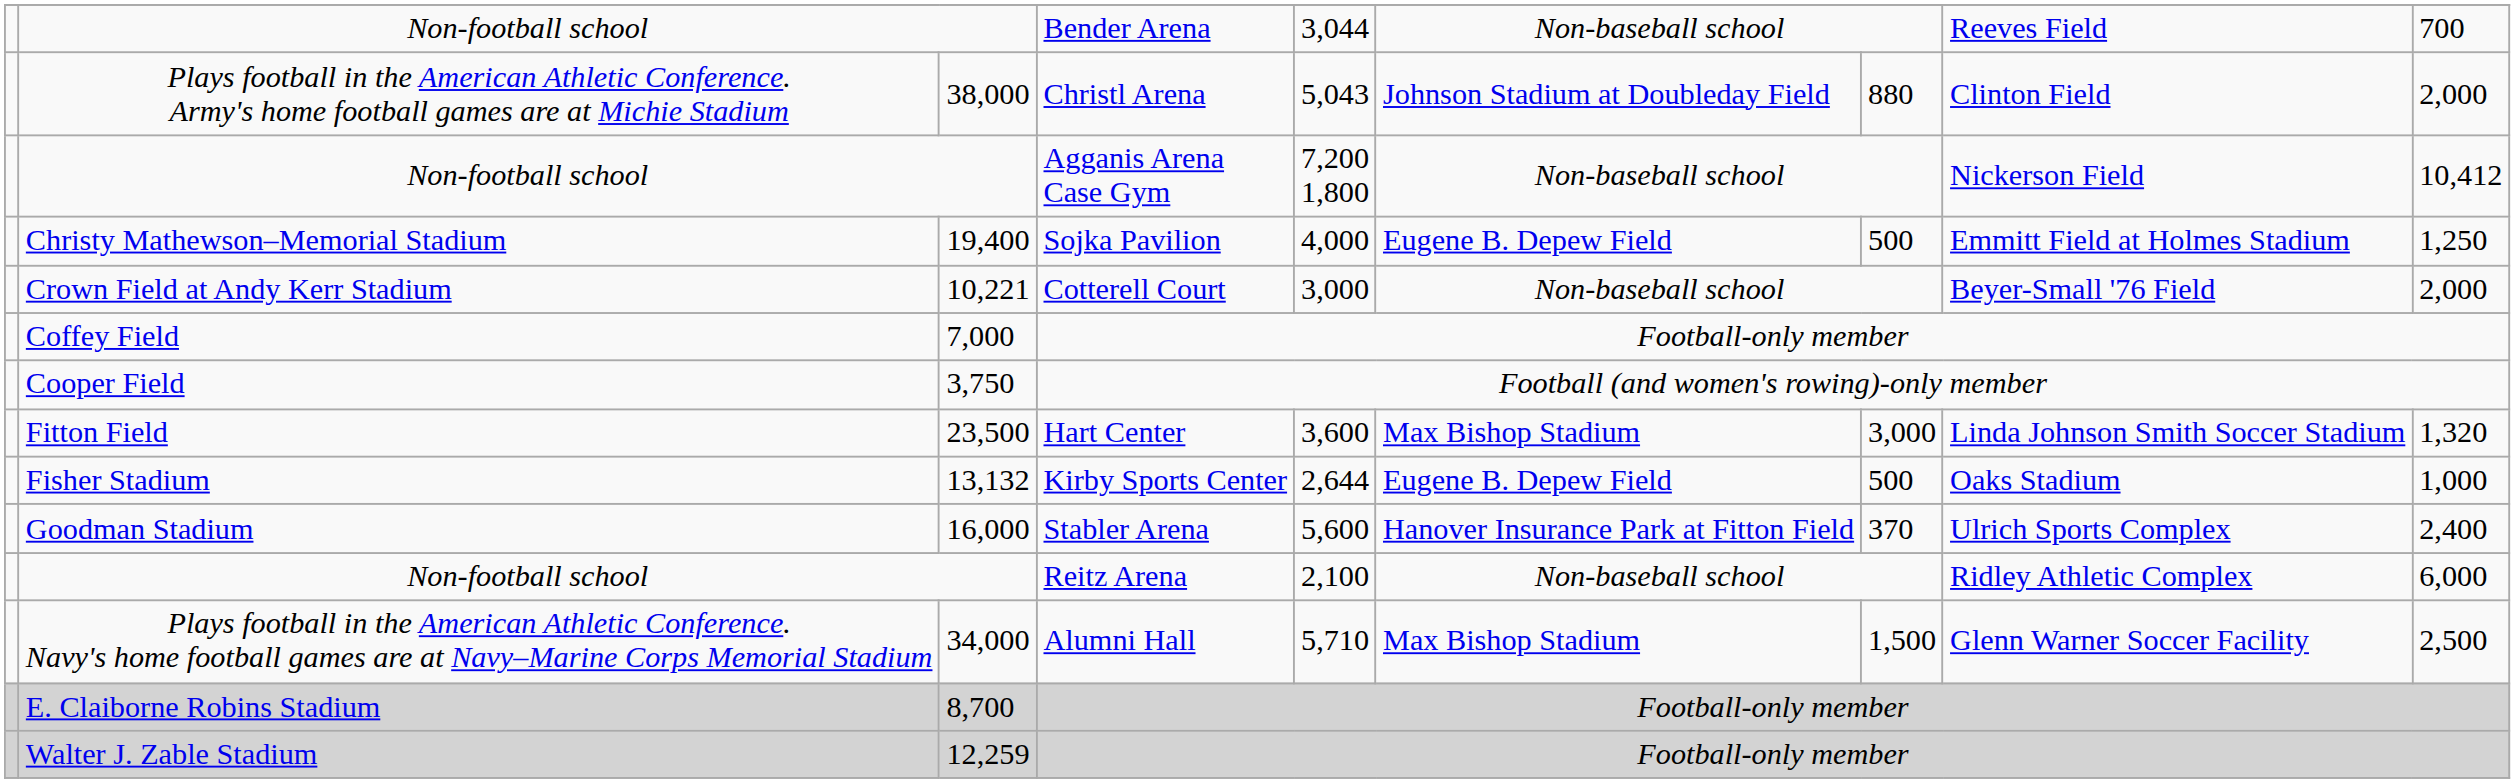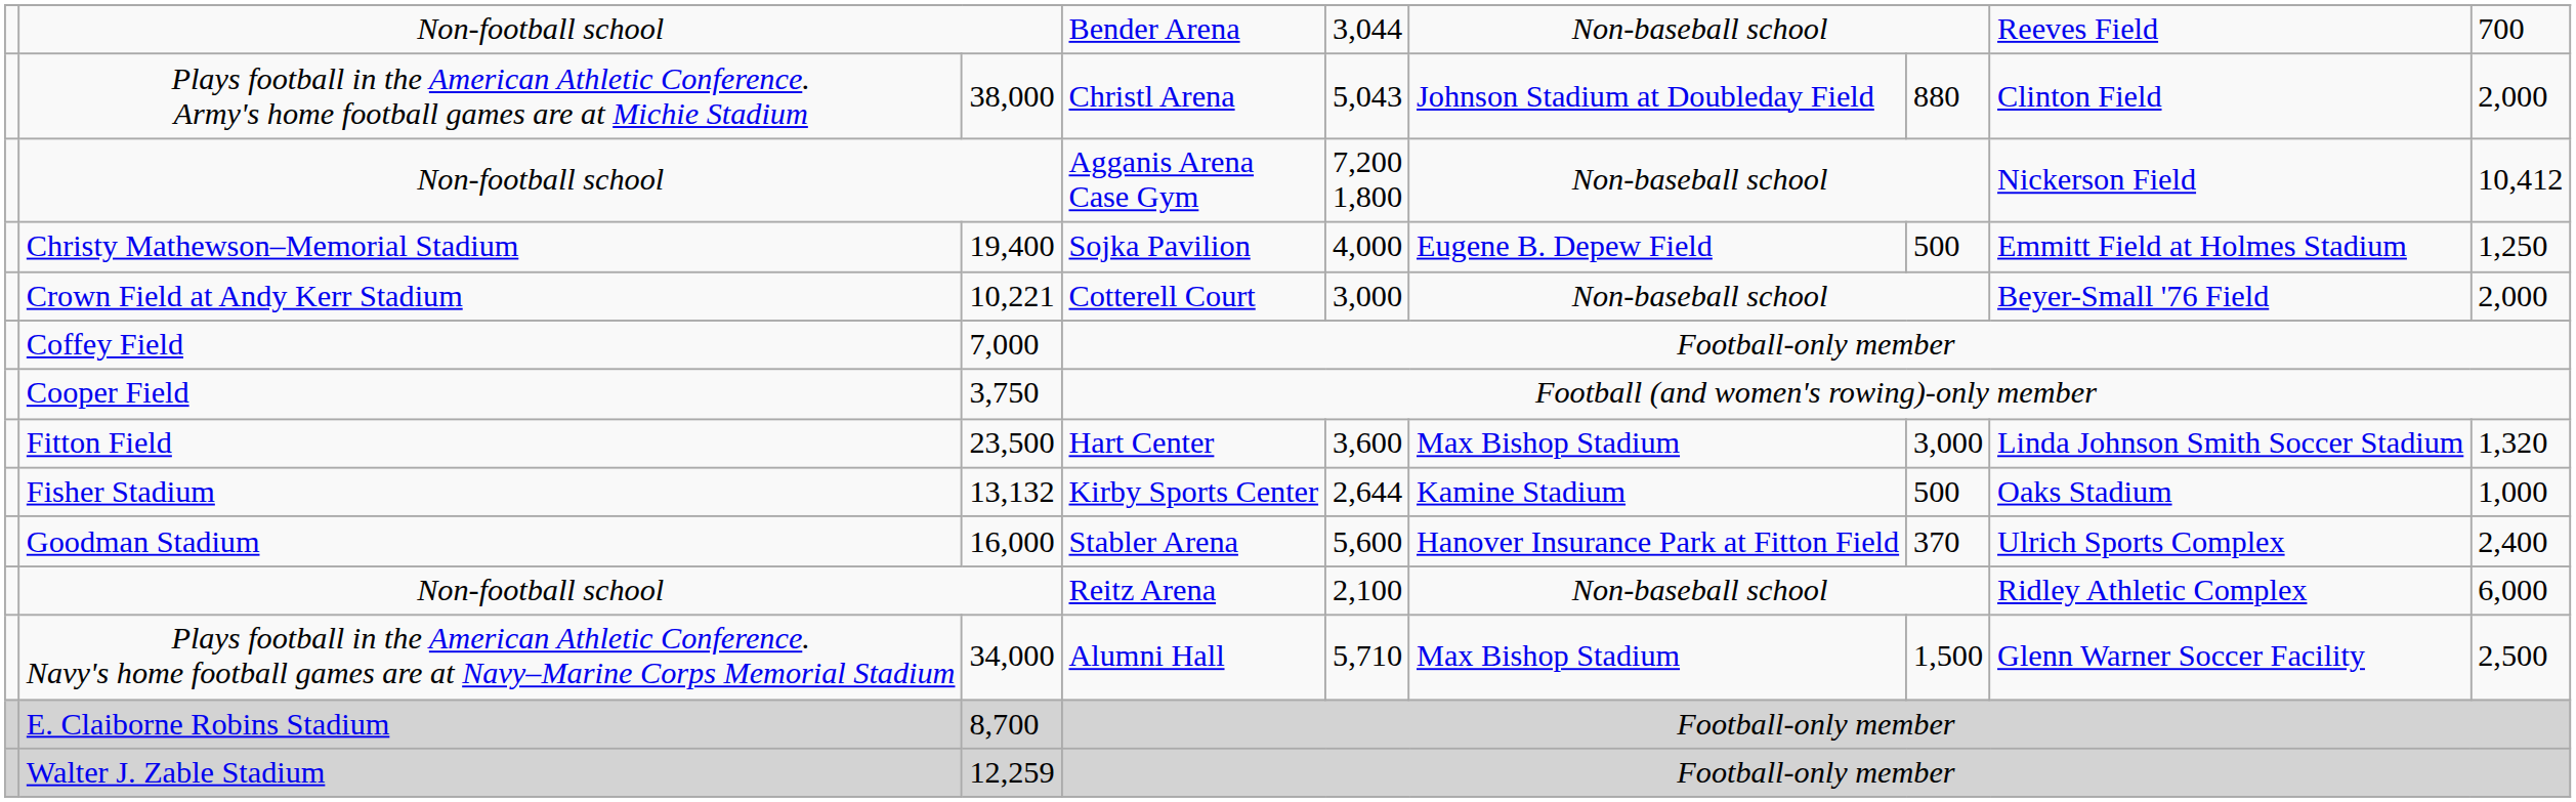 <table class="wikitable">
 <tr>
 </tr>
 <tr>
 <td style="text-align:center; "><a href='#'></a></td>
 <td colspan="2" align=center><em>Non-football school</em></td>
 <td><a href='#'>Bender Arena</a></td>
 <td>3,044</td>
 <td colspan="2" align=center><em>Non-baseball school</em></td>
 <td><a href='#'>Reeves Field</a></td>
 <td>700</td>
 </tr>
 <tr>
 <td style="text-align:center; "><a href='#'></a></td>
 <td colspan="1" align=center><em>Plays football in the <a href='#'>American Athletic Conference</a>.<br>Army's home football games are at <a href='#'>Michie Stadium</a></em></td>
 <td>38,000</td>
 <td><a href='#'>Christl Arena</a></td>
 <td>5,043</td>
 <td><a href='#'>Johnson Stadium at Doubleday Field</a></td>
 <td>880</td>
 <td><a href='#'>Clinton Field</a></td>
 <td>2,000</td>
 </tr>
 <tr>
 <td style="text-align:center; "><a href='#'></a></td>
 <td colspan="2" align=center><em>Non-football school</em></td>
 <td><a href='#'>Agganis Arena</a><br><a href='#'>Case Gym</a></td>
 <td>7,200<br>1,800</td>
 <td colspan="2" align=center><em>Non-baseball school</em></td>
 <td><a href='#'>Nickerson Field</a></td>
 <td>10,412</td>
 </tr>
 <tr>
 <td style="text-align:center; "><a href='#'></a></td>
 <td><a href='#'>Christy Mathewson–Memorial Stadium</a></td>
 <td>19,400</td>
 <td><a href='#'>Sojka Pavilion</a></td>
 <td>4,000</td>
 <td><a href='#'>Eugene B. Depew Field</a></td>
 <td>500</td>
 <td><a href='#'>Emmitt Field at Holmes Stadium</a></td>
 <td>1,250</td>
 </tr>
 <tr>
 <td style="text-align:center; "><a href='#'></a></td>
 <td><a href='#'>Crown Field at Andy Kerr Stadium</a></td>
 <td>10,221</td>
 <td><a href='#'>Cotterell Court</a></td>
 <td>3,000</td>
 <td colspan="2" align=center><em>Non-baseball school</em></td>
 <td><a href='#'>Beyer-Small '76 Field</a></td>
 <td>2,000</td>
 </tr>
 <tr>
 <td style="text-align:center; "><a href='#'></a></td>
 <td><a href='#'>Coffey Field</a></td>
 <td>7,000</td>
 <td colspan="6" align=center><em>Football-only member</em></td>
 </tr>
 <tr>
 <td style="text-align:center; "><a href='#'></a></td>
 <td><a href='#'>Cooper Field</a></td>
 <td>3,750</td>
 <td colspan="6" align=center><em>Football (and women's rowing)-only member</em></td>
 </tr>
 <tr>
 <td style="text-align:center; "><a href='#'></a></td>
 <td><a href='#'>Fitton Field</a></td>
 <td>23,500</td>
 <td><a href='#'>Hart Center</a></td>
 <td>3,600</td>
 <td><a href='#'>Max Bishop Stadium</a></td>
 <td>3,000</td>
 <td><a href='#'>Linda Johnson Smith Soccer Stadium</a></td>
 <td>1,320</td>
 </tr>
 <tr>
 <td style="text-align:center; "><a href='#'></a></td>
 <td><a href='#'>Fisher Stadium</a></td>
 <td>13,132</td>
 <td><a href='#'>Kirby Sports Center</a></td>
 <td>2,644</td>
-<td><a href='#'>Eugene B. Depew Field</a></td>
+<td><a href='#'>Kamine Stadium</a></td>
 <td>500</td>
 <td><a href='#'>Oaks Stadium</a></td>
 <td>1,000</td>
 </tr>
 <tr>
 <td style="text-align:center; "><a href='#'></a></td>
 <td><a href='#'>Goodman Stadium</a></td>
 <td>16,000</td>
 <td><a href='#'>Stabler Arena</a></td>
 <td>5,600</td>
 <td><a href='#'>Hanover Insurance Park at Fitton Field</a></td>
 <td>370</td>
 <td><a href='#'>Ulrich Sports Complex</a></td>
 <td>2,400</td>
 </tr>
 <tr>
 <td style="text-align:center; "><a href='#'></a></td>
 <td colspan="2" align=center><em>Non-football school</em></td>
 <td><a href='#'>Reitz Arena</a></td>
 <td>2,100</td>
 <td colspan="2" align=center><em>Non-baseball school</em></td>
 <td><a href='#'>Ridley Athletic Complex</a></td>
 <td>6,000</td>
 </tr>
 <tr>
 <td style="text-align:center; "><a href='#'></a></td>
 <td colspan="1" align=center><em>Plays football in the <a href='#'>American Athletic Conference</a>.<br>Navy's home football games are at <a href='#'>Navy–Marine Corps Memorial Stadium</a></em></td>
 <td>34,000</td>
 <td><a href='#'>Alumni Hall</a></td>
 <td>5,710</td>
 <td><a href='#'>Max Bishop Stadium</a></td>
 <td>1,500</td>
 <td><a href='#'>Glenn Warner Soccer Facility</a></td>
 <td>2,500</td>
 </tr>
 <tr bgcolor=lightgray>
 <td style="text-align:center; "><a href='#'></a></td>
 <td><a href='#'>E. Claiborne Robins Stadium</a></td>
 <td>8,700</td>
 <td colspan="6" align=center><em>Football-only member</em></td>
 </tr>
 <tr bgcolor=lightgray>
 <td style="text-align:center; "><a href='#'></a></td>
 <td><a href='#'>Walter J. Zable Stadium</a></td>
 <td>12,259</td>
 <td colspan="6" align=center><em>Football-only member</em></td>
 </tr>
 </table>
